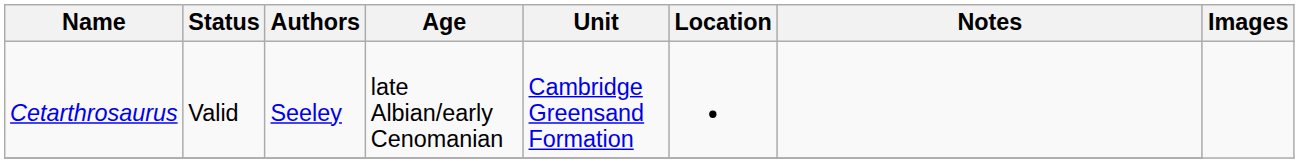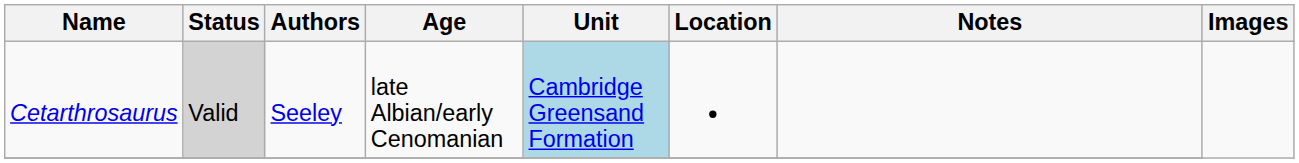 <table class="wikitable sortable" align="center" width="100%">
 <tr>
 <th>Name</th>
 <th>Status</th>
 <th>Authors</th>
 <th>Age</th>
 <th>Unit</th>
 <th>Location</th>
 <th width="33%" class="unsortable">Notes</th>
 <th>Images</th>
 </tr>
 <tr>
 <td><br><em><a href='#'>Cetarthrosaurus</a></em></td>
-<td><br>Valid</td>
+<td style="background: lightgrey;"><br>Valid</td>
 <td><br><a href='#'>Seeley</a></td>
 <td><br>late Albian/early Cenomanian</td>
-<td><br><a href='#'>Cambridge Greensand Formation</a></td>
+<td style="background: lightblue;"><br><a href='#'>Cambridge Greensand Formation</a></td>
 <td><br><ul><li></li></ul></td>
 <td></td>
 <td rowspan="99"></td>
 </tr>
 <tr>
 </tr>
 </table>
